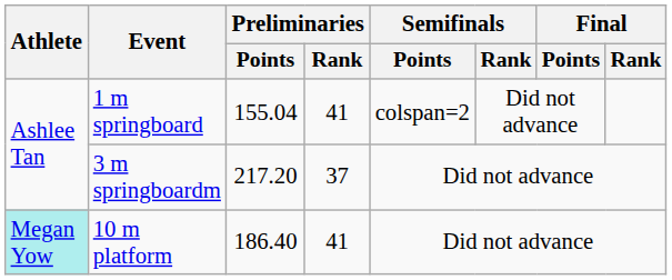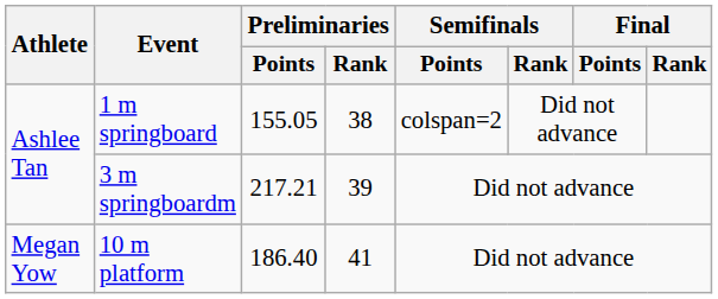 <table class="wikitable" style="text-align:center; font-size:90%; width:50%;">
 <tr>
 <th rowspan=2>Athlete</th>
 <th rowspan=2>Event</th>
 <th colspan=2>Preliminaries</th>
 <th colspan=2>Semifinals</th>
 <th colspan=2>Final</th>
 </tr>
 <tr style="font-size:95%">
 <th>Points</th>
 <th>Rank</th>
 <th>Points</th>
 <th>Rank</th>
 <th>Points</th>
 <th>Rank</th>
 </tr>
 <tr>
 <td align=left rowspan=2><a href='#'>Ashlee Tan</a></td>
 <td align=left><a href='#'>1 m springboard</a></td>
-<td>155.04</td>
-<td>41</td>
+<td>155.05</td>
+<td>38</td>
 <td>colspan=2 </td>
 <td colspan=2>Did not advance</td>
 </tr>
 <tr>
 <td align=left><a href='#'>3 m springboardm</a></td>
-<td>217.20</td>
-<td>37</td>
+<td>217.21</td>
+<td>39</td>
 <td colspan=4>Did not advance</td>
 </tr>
 <tr>
-<td align=left style="background: paleturquoise;"><a href='#'>Megan Yow</a></td>
+<td align=left><a href='#'>Megan Yow</a></td>
 <td align=left><a href='#'>10 m platform</a></td>
 <td>186.40</td>
 <td>41</td>
 <td colspan=4>Did not advance</td>
 </tr>
 </table>
